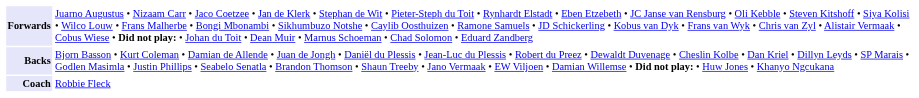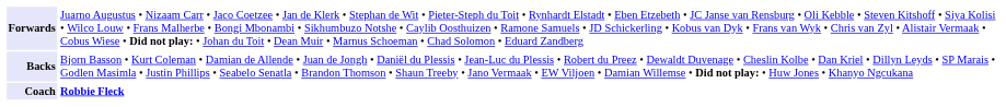 <table cellpadding="2" style="border: 1px solid white; font-size:90%;">
 <tr>
 <td style="text-align:right;" bgcolor="lavender"><strong>Forwards</strong></td>
 <td style="text-align:left;"><a href='#'>Juarno Augustus</a> • <a href='#'>Nizaam Carr</a> • <a href='#'>Jaco Coetzee</a> • <a href='#'>Jan de Klerk</a> • <a href='#'>Stephan de Wit</a> • <a href='#'>Pieter-Steph du Toit</a> • <a href='#'>Rynhardt Elstadt</a> • <a href='#'>Eben Etzebeth</a> • <a href='#'>JC Janse van Rensburg</a> • <a href='#'>Oli Kebble</a> • <a href='#'>Steven Kitshoff</a> • <a href='#'>Siya Kolisi</a> • <a href='#'>Wilco Louw</a> • <a href='#'>Frans Malherbe</a> • <a href='#'>Bongi Mbonambi</a> • <a href='#'>Sikhumbuzo Notshe</a> • <a href='#'>Caylib Oosthuizen</a> • <a href='#'>Ramone Samuels</a> • <a href='#'>JD Schickerling</a> • <a href='#'>Kobus van Dyk</a> • <a href='#'>Frans van Wyk</a> • <a href='#'>Chris van Zyl</a> • <a href='#'>Alistair Vermaak</a> • <a href='#'>Cobus Wiese</a> • <strong>Did not play:</strong> • <a href='#'>Johan du Toit</a> • <a href='#'>Dean Muir</a> • <a href='#'>Marnus Schoeman</a> • <a href='#'>Chad Solomon</a> • <a href='#'>Eduard Zandberg</a></td>
 </tr>
 <tr>
 <td style="text-align:right;" bgcolor="lavender"><strong>Backs</strong></td>
 <td style="text-align:left;"><a href='#'>Bjorn Basson</a> • <a href='#'>Kurt Coleman</a> • <a href='#'>Damian de Allende</a> • <a href='#'>Juan de Jongh</a> • <a href='#'>Daniël du Plessis</a> • <a href='#'>Jean-Luc du Plessis</a> • <a href='#'>Robert du Preez</a> • <a href='#'>Dewaldt Duvenage</a> • <a href='#'>Cheslin Kolbe</a> • <a href='#'>Dan Kriel</a> • <a href='#'>Dillyn Leyds</a> • <a href='#'>SP Marais</a> • <a href='#'>Godlen Masimla</a> • <a href='#'>Justin Phillips</a> • <a href='#'>Seabelo Senatla</a> • <a href='#'>Brandon Thomson</a> • <a href='#'>Shaun Treeby</a> • <a href='#'>Jano Vermaak</a> • <a href='#'>EW Viljoen</a> • <a href='#'>Damian Willemse</a> • <strong>Did not play:</strong> • <a href='#'>Huw Jones</a> • <a href='#'>Khanyo Ngcukana</a></td>
 </tr>
 <tr>
 <td style="text-align:right;" bgcolor="lavender"><strong>Coach</strong></td>
-<td style="text-align:left;"><a href='#'>Robbie Fleck</a></td>
+<td style="text-align:left;"><strong><a href='#'>Robbie Fleck</a></strong></td>
 </tr>
 </table>
